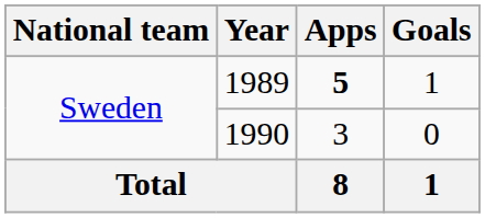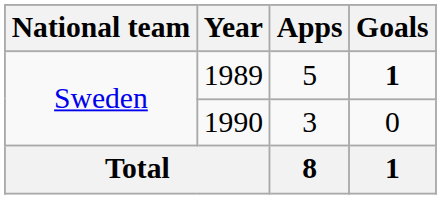 <table class="wikitable" style="text-align:center">
 <tr>
 <th>National team</th>
 <th>Year</th>
 <th>Apps</th>
 <th>Goals</th>
 </tr>
 <tr>
 <td rowspan="2"><a href='#'>Sweden</a></td>
 <td>1989</td>
-<td><strong>5</strong></td>
-<td>1</td>
+<td>5</td>
+<td><strong>1</strong></td>
 </tr>
 <tr>
 <td>1990</td>
 <td>3</td>
 <td>0</td>
 </tr>
 <tr>
 <th colspan="2">Total</th>
 <th>8</th>
 <th>1</th>
 </tr>
 </table>
